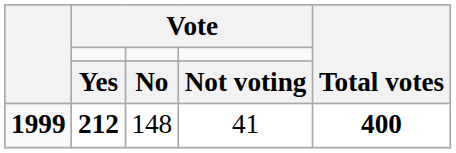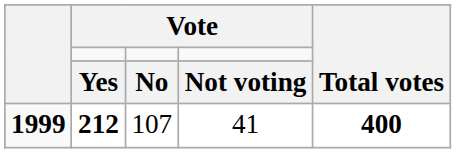 <table class=wikitable style="text-align:center">
 <tr style="vertical-align:bottom;">
 <th rowspan=3></th>
 <th colspan=3>Vote</th>
 <th rowspan=3>Total votes</th>
 </tr>
 <tr style="height:5px">
 <td style="background-color:"></td>
 <td style="background-color:"></td>
 <td style="background-color:"></td>
 </tr>
 <tr style="vertical-align:bottom;">
 <th>Yes</th>
 <th>No</th>
 <th>Not voting</th>
 </tr>
 <tr>
 <td><strong>1999</strong></td>
 <td style="background:#fff;"><strong>212</strong></td>
-<td style="background:#fff;">148</td>
+<td style="background:#fff;">107</td>
 <td style="background:#fff;">41</td>
 <td style="background:#fff;"><strong>400</strong></td>
 </tr>
 </table>
